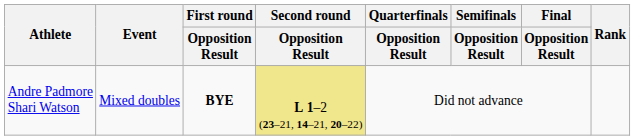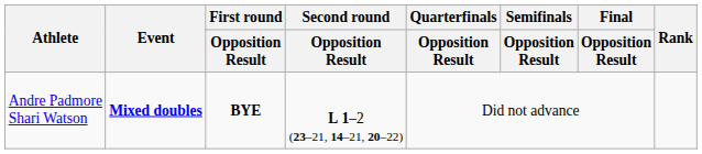 <table class="wikitable" style="font-size:90%">
 <tr>
 <th rowspan="2">Athlete</th>
 <th rowspan="2">Event</th>
 <th>First round</th>
 <th>Second round</th>
 <th>Quarterfinals</th>
 <th>Semifinals</th>
 <th>Final</th>
 <th rowspan="2">Rank</th>
 </tr>
 <tr>
 <th>Opposition<br>Result</th>
 <th>Opposition<br>Result</th>
 <th>Opposition<br>Result</th>
 <th>Opposition<br>Result</th>
 <th>Opposition<br>Result</th>
 </tr>
 <tr>
 <td><a href='#'>Andre Padmore</a><br><a href='#'>Shari Watson</a></td>
-<td><a href='#'>Mixed doubles</a></td>
+<td><strong><a href='#'>Mixed doubles</a></strong></td>
 <td align=center><strong>BYE</strong></td>
-<td align=center style="background: khaki;"><br><br> <strong>L</strong> <strong>1</strong>–2<br><small>(<strong>23</strong>–21, <strong>14</strong>–21, <strong>20</strong>–22)</small></td>
+<td align=center><br><br> <strong>L</strong> <strong>1</strong>–2<br><small>(<strong>23</strong>–21, <strong>14</strong>–21, <strong>20</strong>–22)</small></td>
 <td align=center colspan=3>Did not advance</td>
 <td align=center></td>
 </tr>
 </table>
